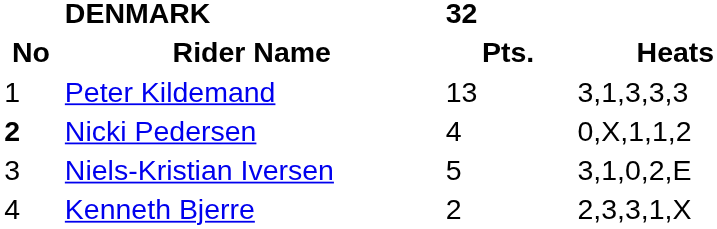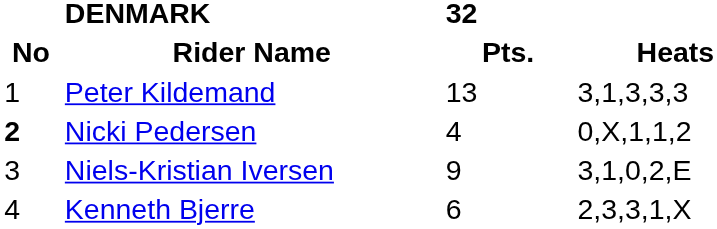 <table class="toccolours">
 <tr>
 <td></td>
 <td><strong>DENMARK</strong></td>
 <td><strong>32</strong></td>
 </tr>
 <tr style="background-color:">
 <th width=30px>No</th>
 <th width=210px>Rider Name</th>
 <th width=70px>Pts.</th>
 <th width=110px>Heats</th>
 </tr>
 <tr style="background-color:">
 <td>1</td>
 <td><a href='#'>Peter Kildemand</a></td>
 <td>13</td>
 <td>3,1,3,3,3</td>
 </tr>
 <tr style="background-color:">
 <td><strong>2</strong></td>
 <td><a href='#'>Nicki Pedersen</a></td>
 <td>4</td>
 <td>0,X,1,1,2</td>
 </tr>
 <tr style="background-color:">
 <td>3</td>
 <td><a href='#'>Niels-Kristian Iversen</a></td>
-<td>5</td>
+<td>9</td>
 <td>3,1,0,2,E</td>
 </tr>
 <tr style="background-color:">
 <td>4</td>
 <td><a href='#'>Kenneth Bjerre</a></td>
-<td>2</td>
+<td>6</td>
 <td>2,3,3,1,X</td>
 </tr>
 </table>
